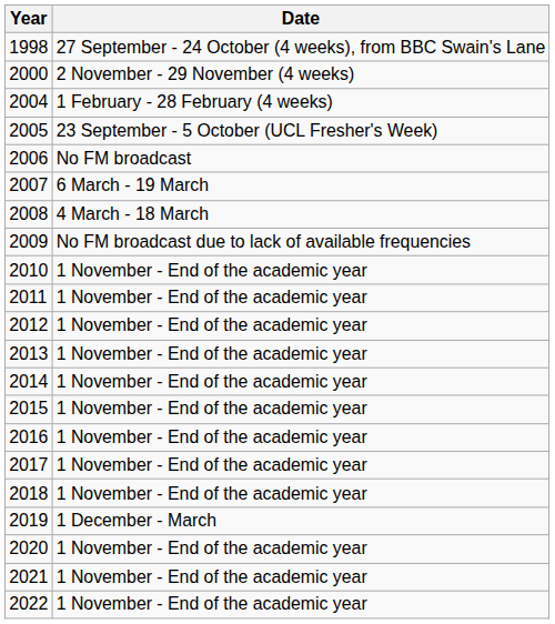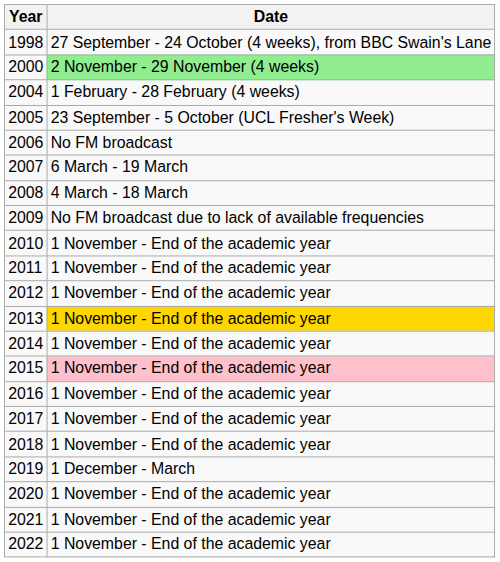 <table class="wikitable" border="1">
 <tr>
 <th>Year</th>
 <th>Date</th>
 </tr>
 <tr>
 <td>1998</td>
 <td>27 September - 24 October (4 weeks), from BBC Swain's Lane</td>
 </tr>
 <tr>
 <td>2000</td>
-<td>2 November - 29 November (4 weeks)</td>
+<td style="background: lightgreen;">2 November - 29 November (4 weeks)</td>
 </tr>
 <tr>
 <td>2004</td>
 <td>1 February - 28 February (4 weeks)</td>
 </tr>
 <tr>
 <td>2005</td>
 <td>23 September - 5 October (UCL Fresher's Week)</td>
 </tr>
 <tr>
 <td>2006</td>
 <td>No FM broadcast</td>
 </tr>
 <tr>
 <td>2007</td>
 <td>6 March - 19 March</td>
 </tr>
 <tr>
 <td>2008</td>
 <td>4 March - 18 March</td>
 </tr>
 <tr>
 <td>2009</td>
 <td>No FM broadcast due to lack of available frequencies</td>
 </tr>
 <tr>
 <td>2010</td>
 <td>1 November - End of the academic year</td>
 </tr>
 <tr>
 <td>2011</td>
 <td>1 November - End of the academic year</td>
 </tr>
 <tr>
 <td>2012</td>
 <td>1 November - End of the academic year</td>
 </tr>
 <tr>
 <td>2013</td>
-<td>1 November - End of the academic year</td>
+<td style="background: gold;">1 November - End of the academic year</td>
 </tr>
 <tr>
 <td>2014</td>
 <td>1 November - End of the academic year</td>
 </tr>
 <tr>
 <td>2015</td>
-<td>1 November - End of the academic year</td>
+<td style="background: pink;">1 November - End of the academic year</td>
 </tr>
 <tr>
 <td>2016</td>
 <td>1 November - End of the academic year</td>
 </tr>
 <tr>
 <td>2017</td>
 <td>1 November - End of the academic year</td>
 </tr>
 <tr>
 <td>2018</td>
 <td>1 November - End of the academic year</td>
 </tr>
 <tr>
 <td>2019</td>
 <td>1 December - March</td>
 </tr>
 <tr>
 <td>2020</td>
 <td>1 November - End of the academic year</td>
 </tr>
 <tr>
 <td>2021</td>
 <td>1 November - End of the academic year</td>
 </tr>
 <tr>
 <td>2022</td>
 <td>1 November - End of the academic year</td>
 </tr>
 </table>
